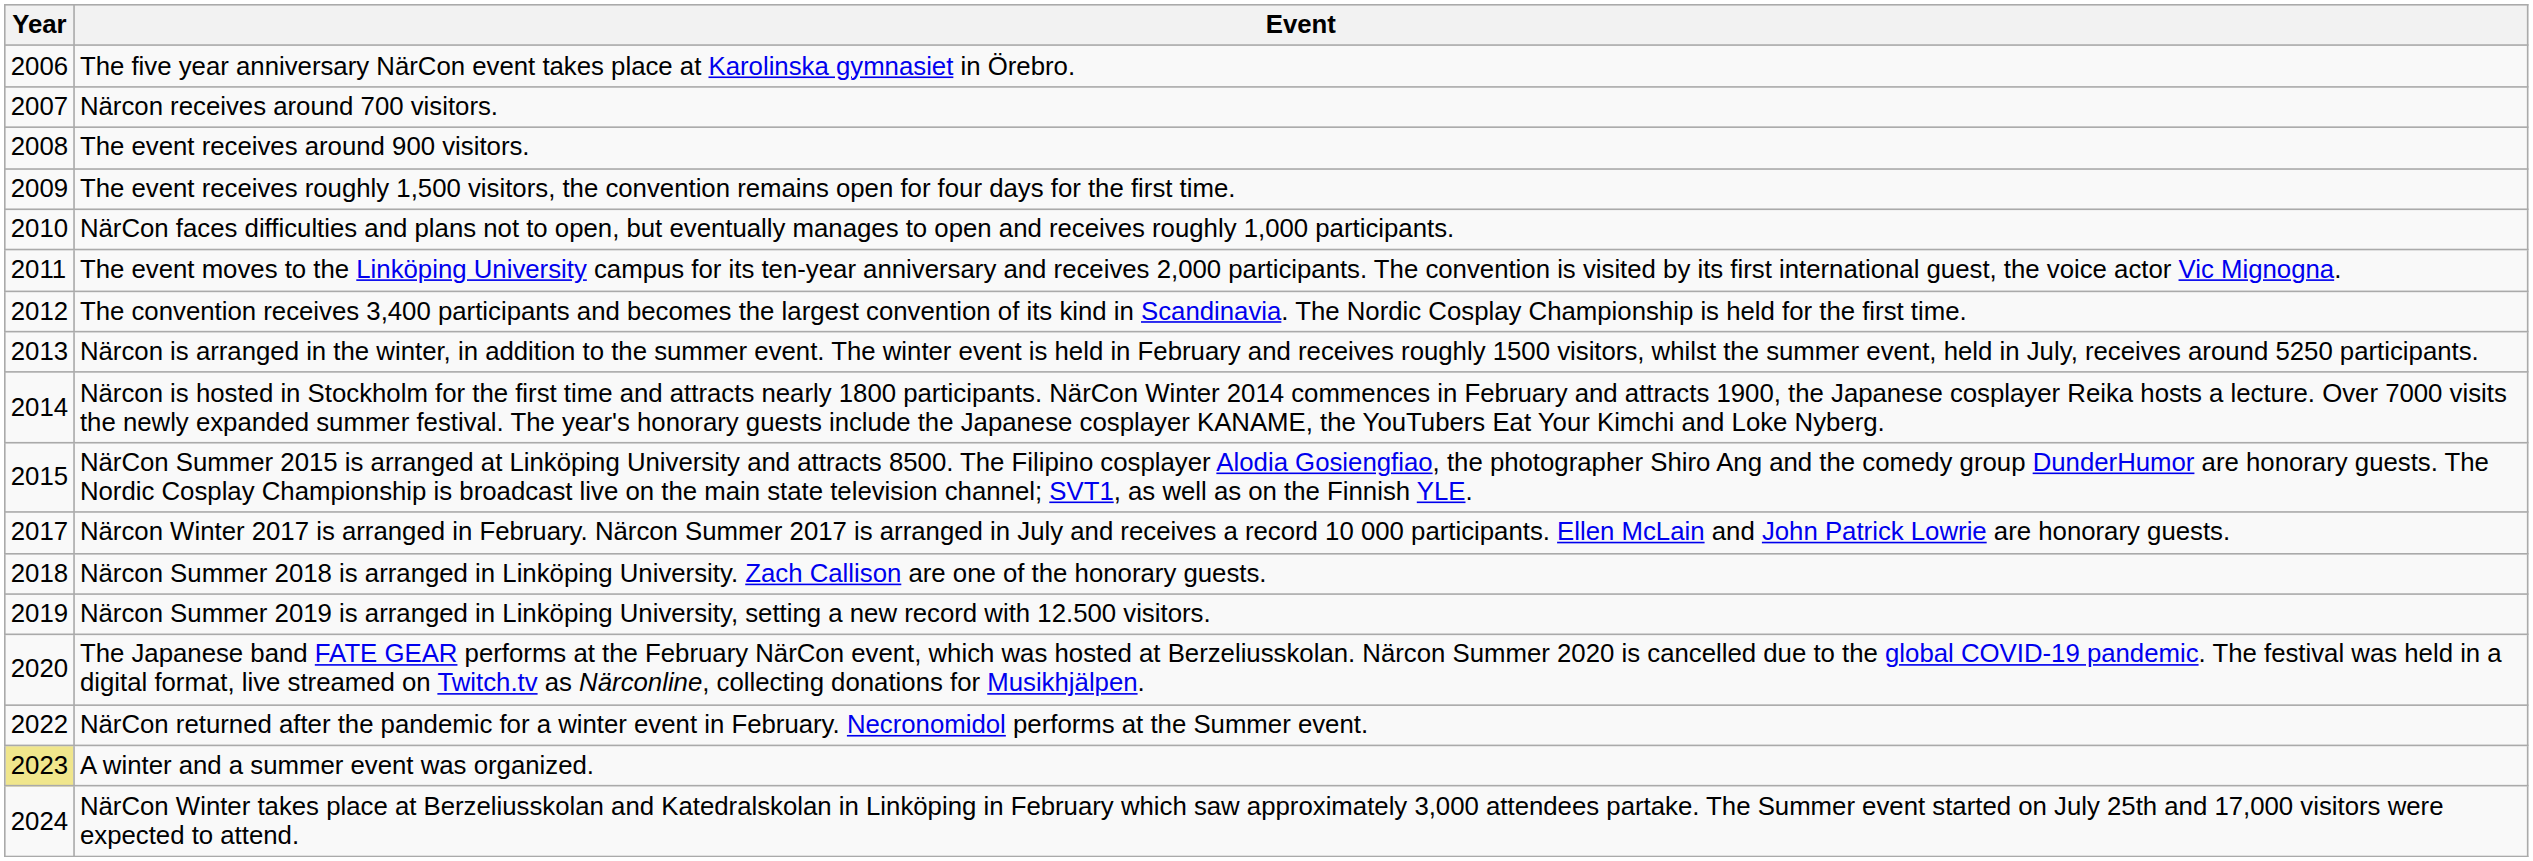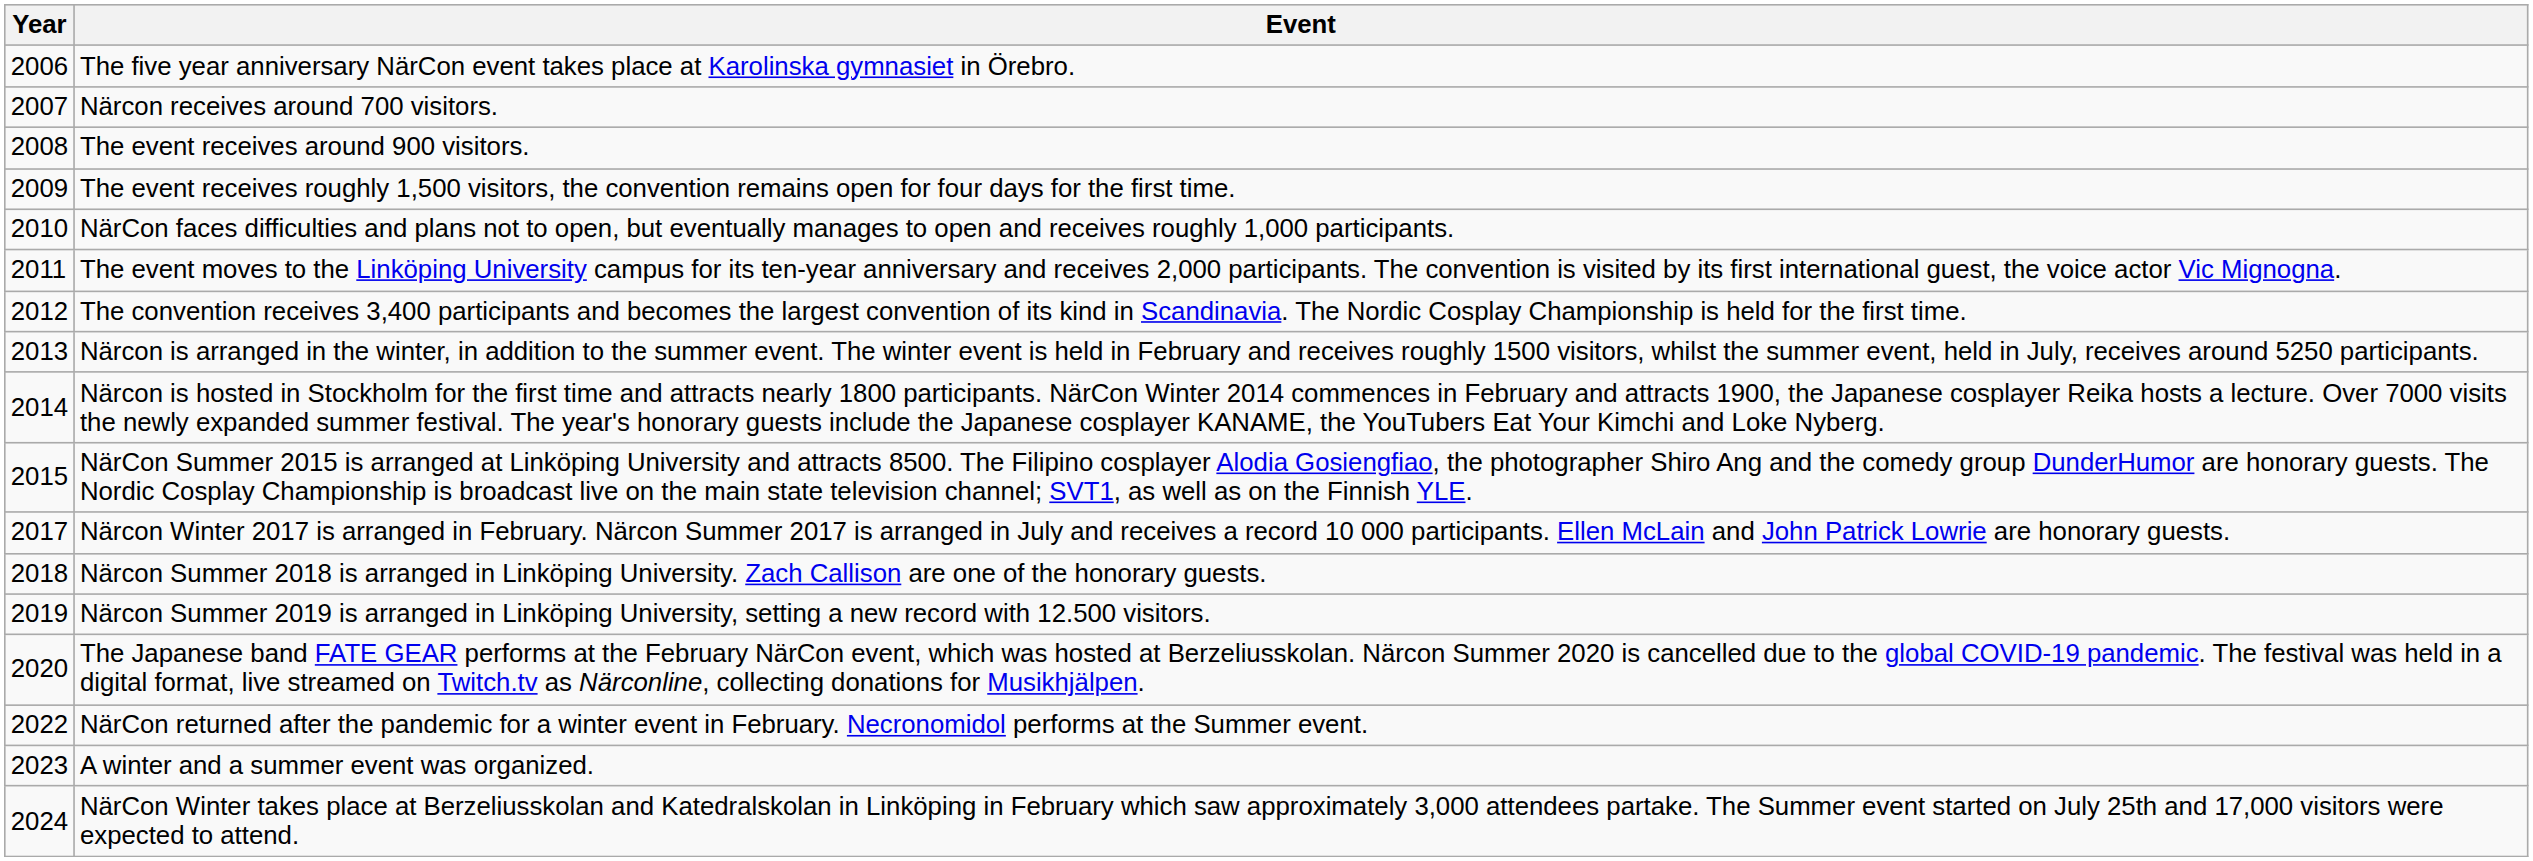 <table class="wikitable">
 <tr>
 <th>Year</th>
 <th>Event</th>
 </tr>
 <tr>
 <td>2006</td>
 <td>The five year anniversary NärCon event takes place at <a href='#'>Karolinska gymnasiet</a> in Örebro.</td>
 </tr>
 <tr>
 <td>2007</td>
 <td>Närcon receives around 700 visitors.</td>
 </tr>
 <tr>
 <td>2008</td>
 <td>The event receives around 900 visitors.</td>
 </tr>
 <tr>
 <td>2009</td>
 <td>The event receives roughly 1,500 visitors, the convention remains open for four days for the first time.</td>
 </tr>
 <tr>
 <td>2010</td>
 <td>NärCon faces difficulties and plans not to open, but eventually manages to open and receives roughly 1,000 participants.</td>
 </tr>
 <tr>
 <td>2011</td>
 <td>The event moves to the <a href='#'>Linköping University</a> campus for its ten-year anniversary and receives 2,000 participants. The convention is visited by its first international guest, the voice actor <a href='#'>Vic Mignogna</a>.</td>
 </tr>
 <tr>
 <td>2012</td>
 <td>The convention receives 3,400 participants and becomes the largest convention of its kind in <a href='#'>Scandinavia</a>. The Nordic Cosplay Championship is held for the first time.</td>
 </tr>
 <tr>
 <td>2013</td>
 <td>Närcon is arranged in the winter, in addition to the summer event. The winter event is held in February and receives roughly 1500 visitors, whilst the summer event, held in July, receives around 5250 participants.</td>
 </tr>
 <tr>
 <td>2014</td>
 <td>Närcon is hosted in Stockholm for the first time and attracts nearly 1800 participants. NärCon Winter 2014 commences in February and attracts 1900, the Japanese cosplayer Reika hosts a lecture. Over 7000 visits the newly expanded summer festival. The year's honorary guests include the Japanese cosplayer KANAME, the YouTubers Eat Your Kimchi and Loke Nyberg.</td>
 </tr>
 <tr>
 <td>2015</td>
 <td>NärCon Summer 2015 is arranged at Linköping University and attracts 8500. The Filipino cosplayer <a href='#'>Alodia Gosiengfiao</a>, the photographer Shiro Ang and the comedy group <a href='#'>DunderHumor</a> are honorary guests. The Nordic Cosplay Championship is broadcast live on the main state television channel; <a href='#'>SVT1</a>, as well as on the Finnish <a href='#'>YLE</a>.</td>
 </tr>
 <tr>
 <td>2017</td>
 <td>Närcon Winter 2017 is arranged in February. Närcon Summer 2017 is arranged in July and receives a record 10 000 participants. <a href='#'>Ellen McLain</a> and <a href='#'>John Patrick Lowrie</a> are honorary guests.</td>
 </tr>
 <tr>
 <td>2018</td>
 <td>Närcon Summer 2018 is arranged in Linköping University. <a href='#'>Zach Callison</a> are one of the honorary guests.</td>
 </tr>
 <tr>
 <td>2019</td>
 <td>Närcon Summer 2019 is arranged in Linköping University, setting a new record with 12.500 visitors. </td>
 </tr>
 <tr>
 <td>2020</td>
 <td>The Japanese band <a href='#'>FATE GEAR</a> performs at the February NärCon event, which was hosted at Berzeliusskolan. Närcon Summer 2020 is cancelled due to the <a href='#'>global COVID-19 pandemic</a>. The festival was held in a digital format, live streamed on <a href='#'>Twitch.tv</a> as <em>Närconline</em>, collecting donations for <a href='#'>Musikhjälpen</a>.</td>
 </tr>
 <tr>
 <td>2022</td>
 <td>NärCon returned after the pandemic for a winter event in February. <a href='#'>Necronomidol</a> performs at the Summer event.</td>
 </tr>
 <tr>
-<td style="background: khaki;">2023</td>
+<td>2023</td>
 <td>A winter and a summer event was organized.</td>
 </tr>
 <tr>
 <td>2024</td>
 <td>NärCon Winter takes place at Berzeliusskolan and Katedralskolan in Linköping in February which saw approximately 3,000 attendees partake. The Summer event started on July 25th and 17,000 visitors were expected to attend.</td>
 </tr>
 </table>
